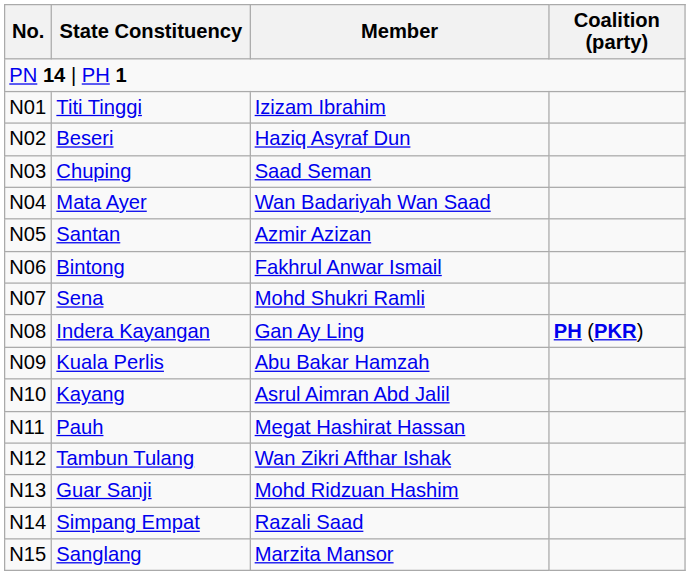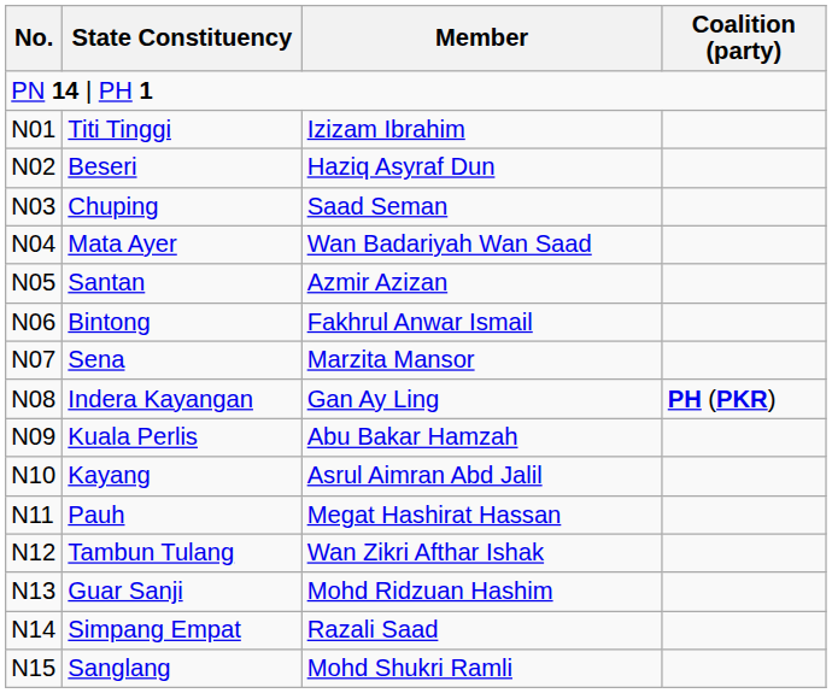 <table class="wikitable sortable">
 <tr>
 <th style="width:30px;">No.</th>
 <th style="width:150px;">State Constituency</th>
 <th style="width:230px;">Member</th>
 <th style="width:100px;">Coalition (party)</th>
 </tr>
 <tr>
 <td colspan="4"><a href='#'>PN</a> <strong>14</strong> | <a href='#'>PH</a> <strong>1</strong></td>
 </tr>
 <tr>
 <td>N01</td>
 <td><a href='#'>Titi Tinggi</a></td>
 <td><a href='#'>Izizam Ibrahim</a></td>
 <td></td>
 </tr>
 <tr>
 <td>N02</td>
 <td><a href='#'>Beseri</a></td>
 <td><a href='#'>Haziq Asyraf Dun</a></td>
 <td></td>
 </tr>
 <tr>
 <td>N03</td>
 <td><a href='#'>Chuping</a></td>
 <td><a href='#'>Saad Seman</a></td>
 <td></td>
 </tr>
 <tr>
 <td>N04</td>
 <td><a href='#'>Mata Ayer</a></td>
 <td><a href='#'>Wan Badariyah Wan Saad</a></td>
 <td></td>
 </tr>
 <tr>
 <td>N05</td>
 <td><a href='#'>Santan</a></td>
 <td><a href='#'>Azmir Azizan</a></td>
 <td></td>
 </tr>
 <tr>
 <td>N06</td>
 <td><a href='#'>Bintong</a></td>
 <td><a href='#'>Fakhrul Anwar Ismail</a></td>
 <td></td>
 </tr>
 <tr>
 <td>N07</td>
 <td><a href='#'>Sena</a></td>
-<td><a href='#'>Mohd Shukri Ramli</a></td>
+<td><a href='#'>Marzita Mansor</a></td>
 <td></td>
 </tr>
 <tr>
 <td>N08</td>
 <td><a href='#'>Indera Kayangan</a></td>
 <td><a href='#'>Gan Ay Ling</a></td>
 <td bgcolor=><strong><a href='#'>PH</a></strong> (<strong><a href='#'>PKR</a></strong>)</td>
 </tr>
 <tr>
 <td>N09</td>
 <td><a href='#'>Kuala Perlis</a></td>
 <td><a href='#'>Abu Bakar Hamzah</a></td>
 <td></td>
 </tr>
 <tr>
 <td>N10</td>
 <td><a href='#'>Kayang</a></td>
 <td><a href='#'>Asrul Aimran Abd Jalil</a></td>
 <td></td>
 </tr>
 <tr>
 <td>N11</td>
 <td><a href='#'>Pauh</a></td>
 <td><a href='#'>Megat Hashirat Hassan</a></td>
 <td></td>
 </tr>
 <tr>
 <td>N12</td>
 <td><a href='#'>Tambun Tulang</a></td>
 <td><a href='#'>Wan Zikri Afthar Ishak</a></td>
 <td></td>
 </tr>
 <tr>
 <td>N13</td>
 <td><a href='#'>Guar Sanji</a></td>
 <td><a href='#'>Mohd Ridzuan Hashim</a></td>
 <td></td>
 </tr>
 <tr>
 <td>N14</td>
 <td><a href='#'>Simpang Empat</a></td>
 <td><a href='#'>Razali Saad</a></td>
 <td></td>
 </tr>
 <tr>
 <td>N15</td>
 <td><a href='#'>Sanglang</a></td>
-<td><a href='#'>Marzita Mansor</a></td>
+<td><a href='#'>Mohd Shukri Ramli</a></td>
 <td></td>
 </tr>
 </table>
